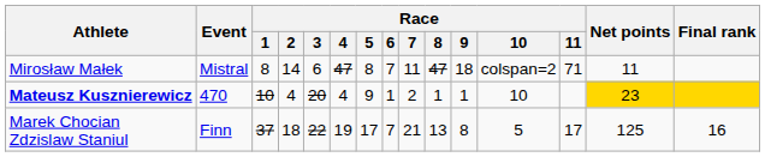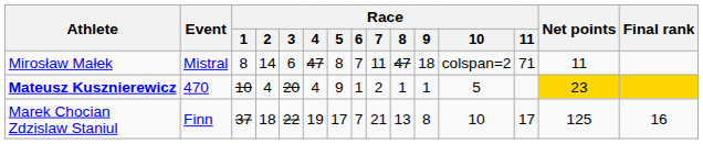 <table class="wikitable" style="font-size:90%">
 <tr>
 <th rowspan="2">Athlete</th>
 <th rowspan="2">Event</th>
 <th colspan=11>Race</th>
 <th rowspan=2>Net points</th>
 <th rowspan=2>Final rank</th>
 </tr>
 <tr style="font-size:95%">
 <th>1</th>
 <th>2</th>
 <th>3</th>
 <th>4</th>
 <th>5</th>
 <th>6</th>
 <th>7</th>
 <th>8</th>
 <th>9</th>
 <th>10</th>
 <th>11</th>
 </tr>
 <tr align=center>
 <td align=left><a href='#'>Mirosław Małek</a></td>
 <td align=left><a href='#'>Mistral</a></td>
 <td>8</td>
 <td>14</td>
 <td>6</td>
 <td><s>47</s></td>
 <td>8</td>
 <td>7</td>
 <td>11</td>
 <td><s>47</s></td>
 <td>18</td>
 <td>colspan=2 </td>
 <td>71</td>
 <td>11</td>
 </tr>
 <tr align=center>
 <td align=left><strong><a href='#'>Mateusz Kusznierewicz</a></strong></td>
 <td align=left><a href='#'>470</a></td>
 <td><s>10</s></td>
 <td>4</td>
 <td><s>20</s></td>
 <td>4</td>
 <td>9</td>
 <td>1</td>
 <td>2</td>
 <td>1</td>
 <td>1</td>
-<td>10</td>
+<td>5</td>
 <td></td>
 <td align="center" bgcolor='gold'>23</td>
 <td align="center" bgcolor='gold'></td>
 </tr>
 <tr align=center>
 <td align=left><a href='#'>Marek Chocian</a><br><a href='#'>Zdzislaw Staniul</a></td>
 <td align=left><a href='#'>Finn</a></td>
 <td><s>37</s></td>
 <td>18</td>
 <td><s>22</s></td>
 <td>19</td>
 <td>17</td>
 <td>7</td>
 <td>21</td>
 <td>13</td>
 <td>8</td>
-<td>5</td>
+<td>10</td>
 <td>17</td>
 <td>125</td>
 <td>16</td>
 </tr>
 </table>
